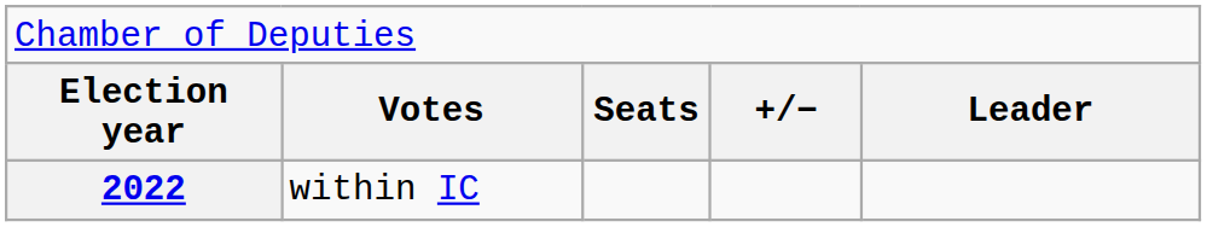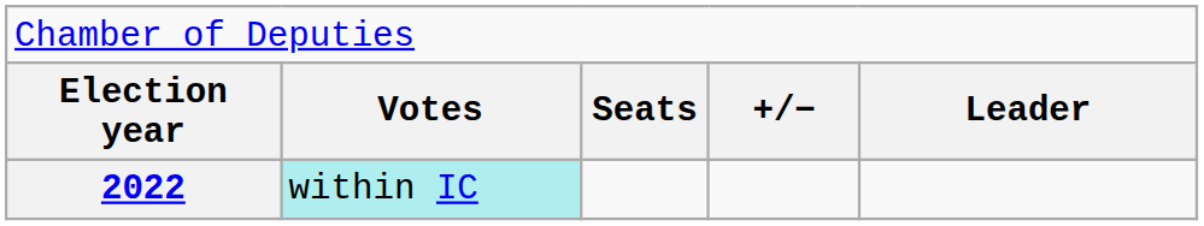 <table class=wikitable style="width:50%; border:1px #AAAAFF solid">
 <tr>
 <td colspan=56><a href='#'>Chamber of Deputies</a></td>
 </tr>
 <tr>
 <th width=13%>Election year</th>
 <th width=16%>Votes</th>
 <th width=1%>Seats</th>
 <th width=8%>+/−</th>
 <th width=18%>Leader</th>
 </tr>
 <tr>
 <th><a href='#'>2022</a></th>
-<td>within <a href='#'>IC</a></td>
+<td style="background: paleturquoise;">within <a href='#'>IC</a></td>
 <td></td>
 <td></td>
 <td></td>
 </tr>
 </table>
